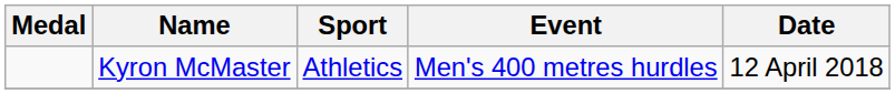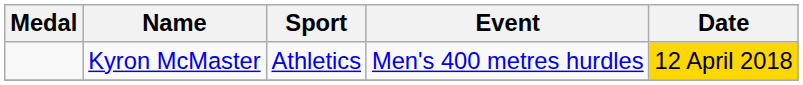 <table class="wikitable sortable">
 <tr>
 <th>Medal</th>
 <th>Name</th>
 <th>Sport</th>
 <th>Event</th>
 <th>Date</th>
 </tr>
 <tr>
 <td></td>
 <td><a href='#'>Kyron McMaster</a></td>
 <td><a href='#'>Athletics</a></td>
 <td><a href='#'>Men's 400 metres hurdles</a></td>
-<td>12 April 2018</td>
+<td style="background: gold;">12 April 2018</td>
 </tr>
 <tr>
 </tr>
 </table>
